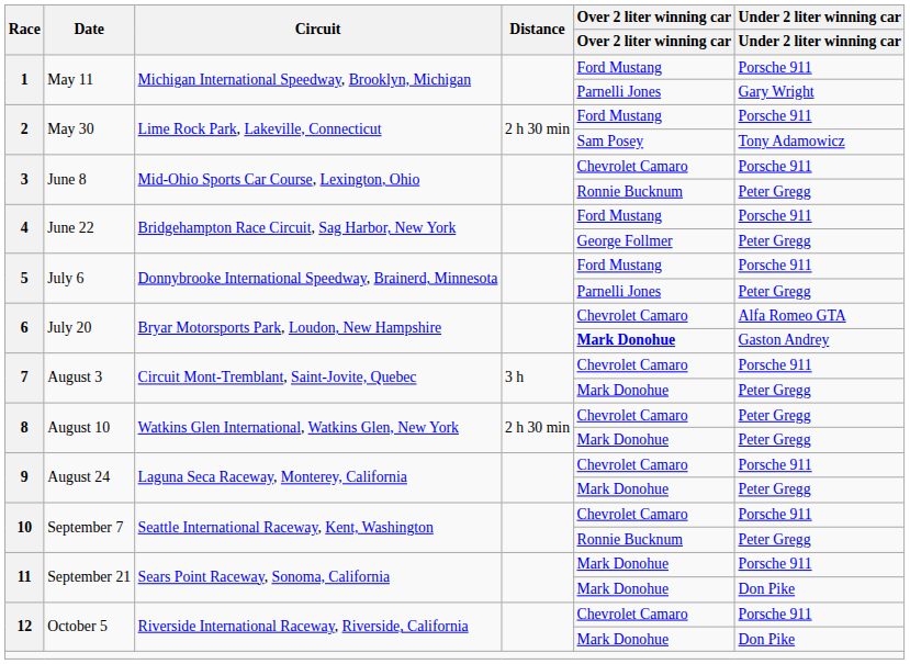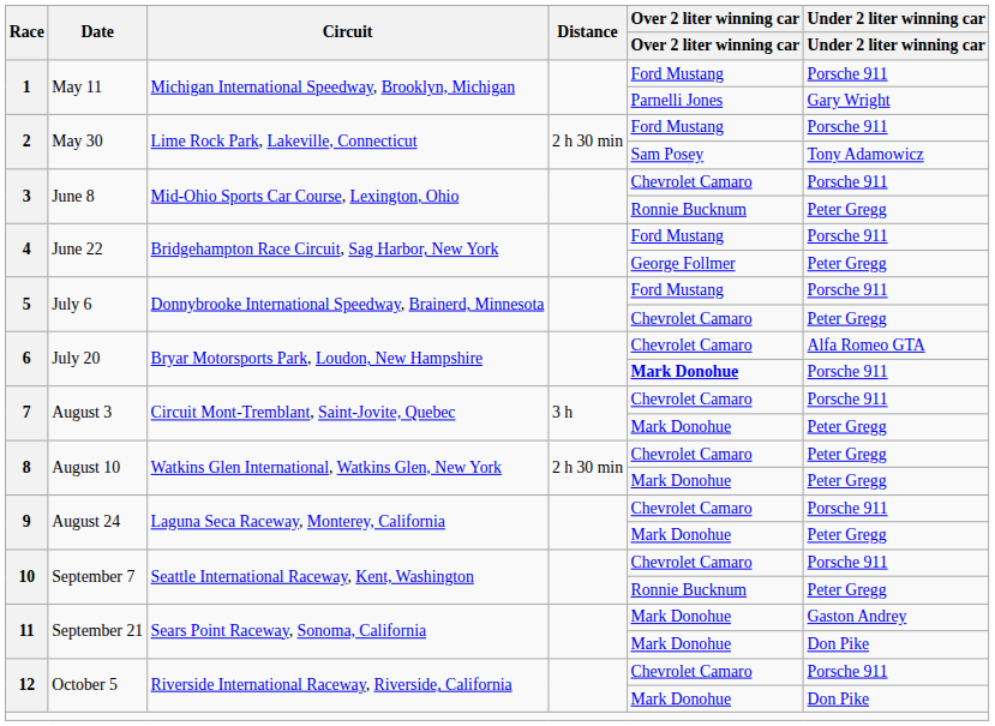 <table class="wikitable" style="font-size: 85%">
 <tr>
 <th rowspan=2>Race</th>
 <th rowspan=2>Date</th>
 <th rowspan=2>Circuit</th>
 <th rowspan=2>Distance</th>
 <th>Over 2 liter winning car</th>
 <th>Under 2 liter winning car</th>
 </tr>
 <tr>
 <th>Over 2 liter winning car</th>
 <th>Under 2 liter winning car</th>
 </tr>
 <tr>
 <th rowspan=2>1</th>
 <td rowspan=2>May 11</td>
 <td rowspan=2><a href='#'>Michigan International Speedway</a>, <a href='#'>Brooklyn, Michigan</a></td>
 <td rowspan=2></td>
 <td><a href='#'>Ford Mustang</a></td>
 <td><a href='#'>Porsche 911</a></td>
 </tr>
 <tr>
 <td> <a href='#'>Parnelli Jones</a></td>
 <td> <a href='#'>Gary Wright</a></td>
 </tr>
 <tr>
 <th rowspan=2>2</th>
 <td rowspan=2>May 30</td>
 <td rowspan=2><a href='#'>Lime Rock Park</a>, <a href='#'>Lakeville, Connecticut</a></td>
 <td rowspan=2>2 h 30 min<br></td>
 <td><a href='#'>Ford Mustang</a></td>
 <td><a href='#'>Porsche 911</a></td>
 </tr>
 <tr>
 <td> <a href='#'>Sam Posey</a></td>
 <td> <a href='#'>Tony Adamowicz</a></td>
 </tr>
 <tr>
 <th rowspan=2>3</th>
 <td rowspan=2>June 8</td>
 <td rowspan=2><a href='#'>Mid-Ohio Sports Car Course</a>, <a href='#'>Lexington, Ohio</a></td>
 <td rowspan=2></td>
 <td><a href='#'>Chevrolet Camaro</a></td>
 <td><a href='#'>Porsche 911</a></td>
 </tr>
 <tr>
 <td> <a href='#'>Ronnie Bucknum</a></td>
 <td> <a href='#'>Peter Gregg</a></td>
 </tr>
 <tr>
 <th rowspan=2>4</th>
 <td rowspan=2>June 22</td>
 <td rowspan=2><a href='#'>Bridgehampton Race Circuit</a>, <a href='#'>Sag Harbor, New York</a></td>
 <td rowspan=2></td>
 <td><a href='#'>Ford Mustang</a></td>
 <td><a href='#'>Porsche 911</a></td>
 </tr>
 <tr>
 <td> <a href='#'>George Follmer</a></td>
 <td> <a href='#'>Peter Gregg</a></td>
 </tr>
 <tr>
 <th rowspan=2>5</th>
 <td rowspan=2>July 6</td>
 <td rowspan=2><a href='#'>Donnybrooke International Speedway</a>, <a href='#'>Brainerd, Minnesota</a></td>
 <td rowspan=2></td>
 <td><a href='#'>Ford Mustang</a></td>
 <td><a href='#'>Porsche 911</a></td>
 </tr>
 <tr>
-<td> <a href='#'>Parnelli Jones</a></td>
+<td><a href='#'>Chevrolet Camaro</a></td>
 <td> <a href='#'>Peter Gregg</a></td>
 </tr>
 <tr>
 <th rowspan=2>6</th>
 <td rowspan=2>July 20</td>
 <td rowspan=2><a href='#'>Bryar Motorsports Park</a>, <a href='#'>Loudon, New Hampshire</a></td>
 <td rowspan=2></td>
 <td><a href='#'>Chevrolet Camaro</a></td>
 <td><a href='#'>Alfa Romeo GTA</a></td>
 </tr>
 <tr>
 <td><strong> <a href='#'>Mark Donohue</a></strong></td>
-<td> <a href='#'>Gaston Andrey</a></td>
+<td><a href='#'>Porsche 911</a></td>
 </tr>
 <tr>
 <th rowspan=2>7</th>
 <td rowspan=2>August 3</td>
 <td rowspan=2><a href='#'>Circuit Mont-Tremblant</a>, <a href='#'>Saint-Jovite, Quebec</a></td>
 <td rowspan=2>3 h<br></td>
 <td><a href='#'>Chevrolet Camaro</a></td>
 <td><a href='#'>Porsche 911</a></td>
 </tr>
 <tr>
 <td> <a href='#'>Mark Donohue</a></td>
 <td> <a href='#'>Peter Gregg</a></td>
 </tr>
 <tr>
 <th rowspan=2>8</th>
 <td rowspan=2>August 10</td>
 <td rowspan=2><a href='#'>Watkins Glen International</a>, <a href='#'>Watkins Glen, New York</a></td>
 <td rowspan=2>2 h 30 min<br></td>
 <td><a href='#'>Chevrolet Camaro</a></td>
 <td> <a href='#'>Peter Gregg</a></td>
 </tr>
 <tr>
 <td> <a href='#'>Mark Donohue</a></td>
 <td> <a href='#'>Peter Gregg</a></td>
 </tr>
 <tr>
 <th rowspan=2>9</th>
 <td rowspan=2>August 24</td>
 <td rowspan=2><a href='#'>Laguna Seca Raceway</a>, <a href='#'>Monterey, California</a></td>
 <td rowspan=2></td>
 <td><a href='#'>Chevrolet Camaro</a></td>
 <td><a href='#'>Porsche 911</a></td>
 </tr>
 <tr>
 <td> <a href='#'>Mark Donohue</a></td>
 <td> <a href='#'>Peter Gregg</a></td>
 </tr>
 <tr>
 <th rowspan=2>10</th>
 <td rowspan=2>September 7</td>
 <td rowspan=2><a href='#'>Seattle International Raceway</a>, <a href='#'>Kent, Washington</a></td>
 <td rowspan=2></td>
 <td><a href='#'>Chevrolet Camaro</a></td>
 <td><a href='#'>Porsche 911</a></td>
 </tr>
 <tr>
 <td> <a href='#'>Ronnie Bucknum</a></td>
 <td> <a href='#'>Peter Gregg</a></td>
 </tr>
 <tr>
 <th rowspan=2>11</th>
 <td rowspan=2>September 21</td>
 <td rowspan=2><a href='#'>Sears Point Raceway</a>, <a href='#'>Sonoma, California</a></td>
 <td rowspan=2></td>
 <td> <a href='#'>Mark Donohue</a></td>
-<td><a href='#'>Porsche 911</a></td>
+<td> <a href='#'>Gaston Andrey</a></td>
 </tr>
 <tr>
 <td> <a href='#'>Mark Donohue</a></td>
 <td> <a href='#'>Don Pike</a></td>
 </tr>
 <tr>
 <th rowspan=2>12</th>
 <td rowspan=2>October 5</td>
 <td rowspan=2><a href='#'>Riverside International Raceway</a>, <a href='#'>Riverside, California</a></td>
 <td rowspan=2></td>
 <td><a href='#'>Chevrolet Camaro</a></td>
 <td><a href='#'>Porsche 911</a></td>
 </tr>
 <tr>
 <td> <a href='#'>Mark Donohue</a></td>
 <td> <a href='#'>Don Pike</a></td>
 </tr>
 <tr>
 <td style="text-align:center;" colspan=6></td>
 </tr>
 </table>
